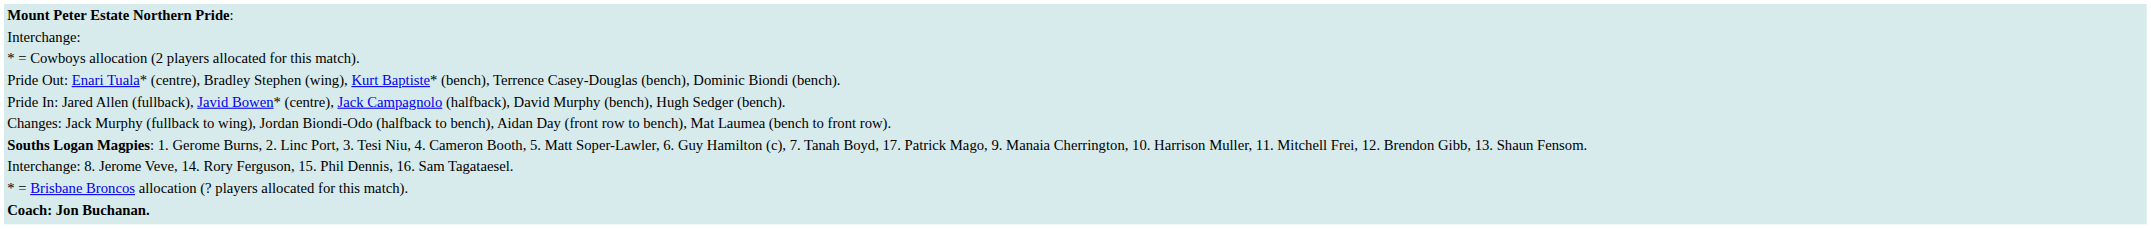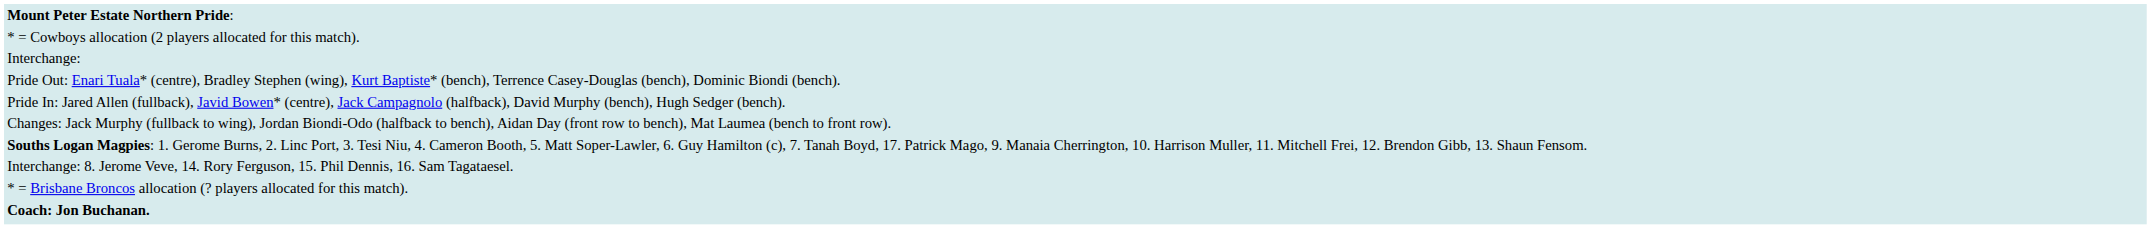 <table style="background:#d7ebed; font-size:85%; width:100%;">
 <tr>
 <td><strong>Mount Peter Estate Northern Pride</strong>:             </td>
 </tr>
 <tr>
-<td>Interchange:    </td>
+<td>* = Cowboys allocation (2 players allocated for this match).</td>
 </tr>
 <tr>
-<td>* = Cowboys allocation (2 players allocated for this match).</td>
+<td>Interchange:    </td>
 </tr>
 <tr>
 <td>Pride Out: <a href='#'>Enari Tuala</a>* (centre), Bradley Stephen (wing), <a href='#'>Kurt Baptiste</a>* (bench), Terrence Casey-Douglas (bench), Dominic Biondi (bench).</td>
 </tr>
 <tr>
 <td>Pride In: Jared Allen (fullback), <a href='#'>Javid Bowen</a>* (centre), <a href='#'>Jack Campagnolo</a> (halfback), David Murphy (bench), Hugh Sedger (bench).</td>
 </tr>
 <tr>
 <td>Changes: Jack Murphy (fullback to wing), Jordan Biondi-Odo (halfback to bench), Aidan Day (front row to bench), Mat Laumea (bench to front row).</td>
 </tr>
 <tr>
 <td><strong>Souths Logan Magpies</strong>: 1.  Gerome Burns, 2. Linc Port, 3. Tesi Niu, 4. Cameron Booth, 5. Matt Soper-Lawler, 6. Guy Hamilton (c),  7. Tanah Boyd, 17. Patrick Mago, 9. Manaia Cherrington, 10. Harrison Muller, 11. Mitchell Frei, 12. Brendon Gibb, 13. Shaun Fensom.</td>
 </tr>
 <tr>
 <td>Interchange: 8. Jerome Veve, 14. Rory Ferguson, 15. Phil Dennis, 16. Sam Tagataesel.</td>
 </tr>
 <tr>
 <td>* = <a href='#'>Brisbane Broncos</a> allocation (? players allocated for this match).</td>
 </tr>
 <tr>
 <td><strong>Coach: Jon Buchanan.</strong></td>
 </tr>
 <tr>
 </tr>
 </table>
